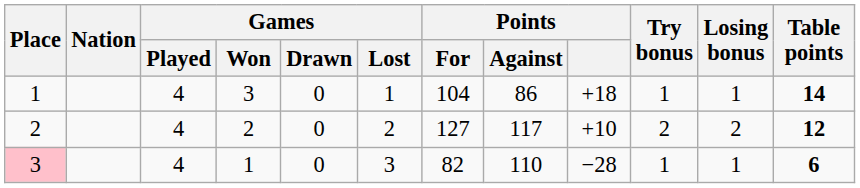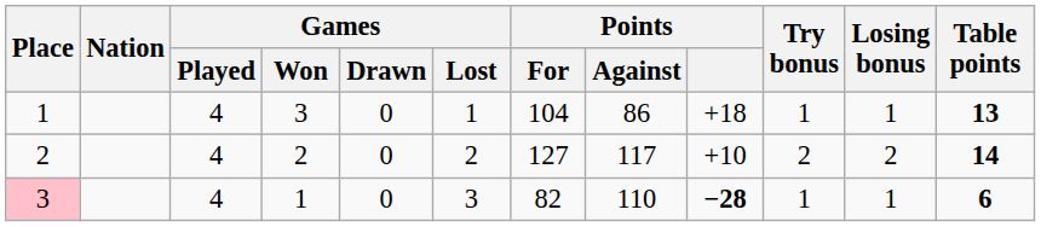 <table class="wikitable" style="text-align:center">
 <tr>
 <th rowspan="2" style="width:5%">Place</th>
 <th rowspan="2">Nation</th>
 <th colspan="4" style="width:32%">Games</th>
 <th colspan="3" style="width:18%">Points</th>
 <th rowspan="2" style="width:8%">Try<br>bonus</th>
 <th rowspan="2" style="width:8%">Losing<br>bonus</th>
 <th rowspan="2" style="width:10%">Table<br>points</th>
 </tr>
 <tr>
 <th style="width:8%">Played</th>
 <th style="width:8%">Won</th>
 <th style="width:8%">Drawn</th>
 <th style="width:8%">Lost</th>
 <th style="width:8%">For</th>
 <th style="width:8%">Against</th>
 <th style="width:8%"></th>
 </tr>
 <tr>
 <td>1</td>
 <td align=left></td>
 <td>4</td>
 <td>3</td>
 <td>0</td>
 <td>1</td>
 <td>104</td>
 <td>86</td>
 <td>+18</td>
 <td>1</td>
 <td>1</td>
-<td><strong>14</strong></td>
+<td><strong>13</strong></td>
 </tr>
 <tr>
 <td>2</td>
 <td align=left></td>
 <td>4</td>
 <td>2</td>
 <td>0</td>
 <td>2</td>
 <td>127</td>
 <td>117</td>
 <td>+10</td>
 <td>2</td>
 <td>2</td>
-<td><strong>12</strong></td>
+<td><strong>14</strong></td>
 </tr>
 <tr>
 <td style="background: pink;">3</td>
 <td align=left></td>
 <td>4</td>
 <td>1</td>
 <td>0</td>
 <td>3</td>
 <td>82</td>
 <td>110</td>
-<td>−28</td>
+<td><strong>−28</strong></td>
 <td>1</td>
 <td>1</td>
 <td><strong>6</strong></td>
 </tr>
 </table>
